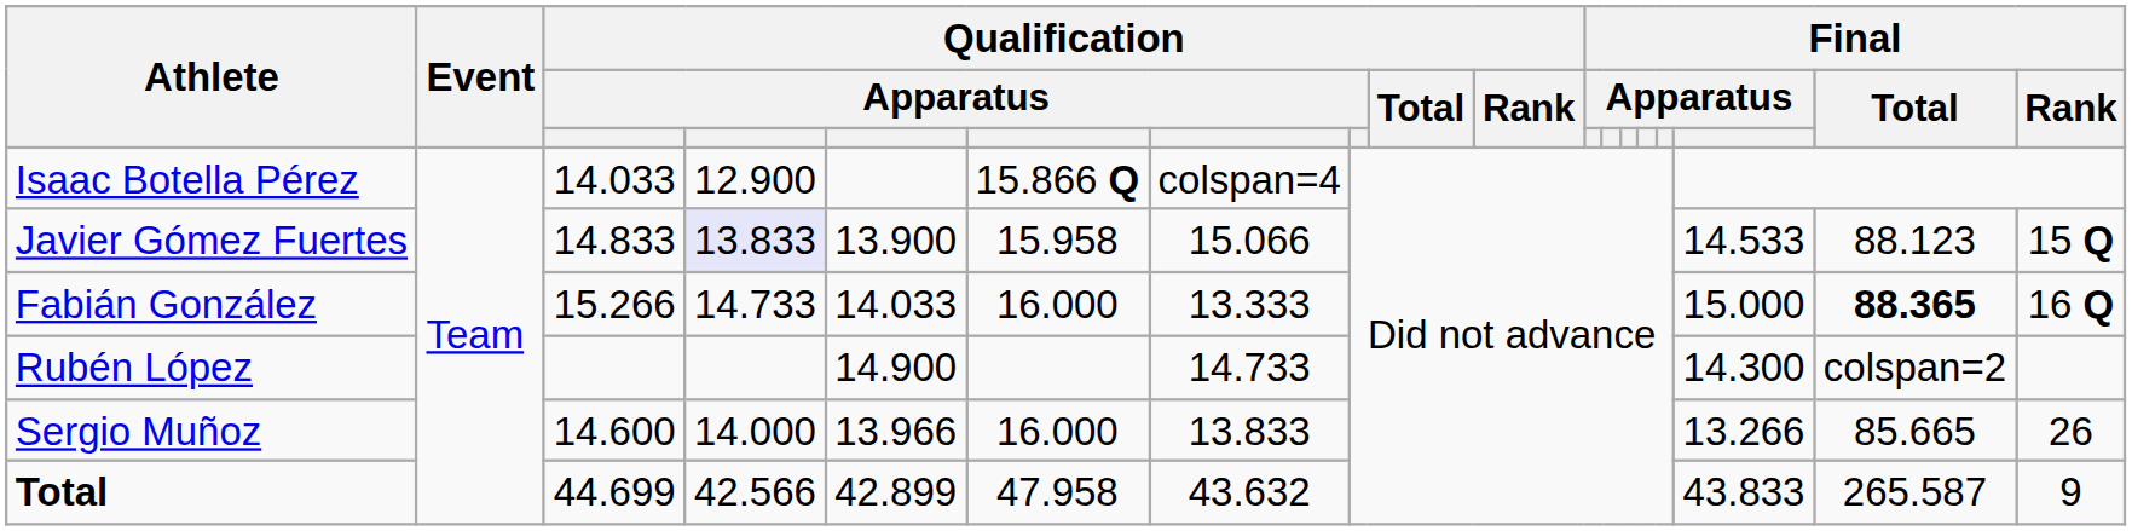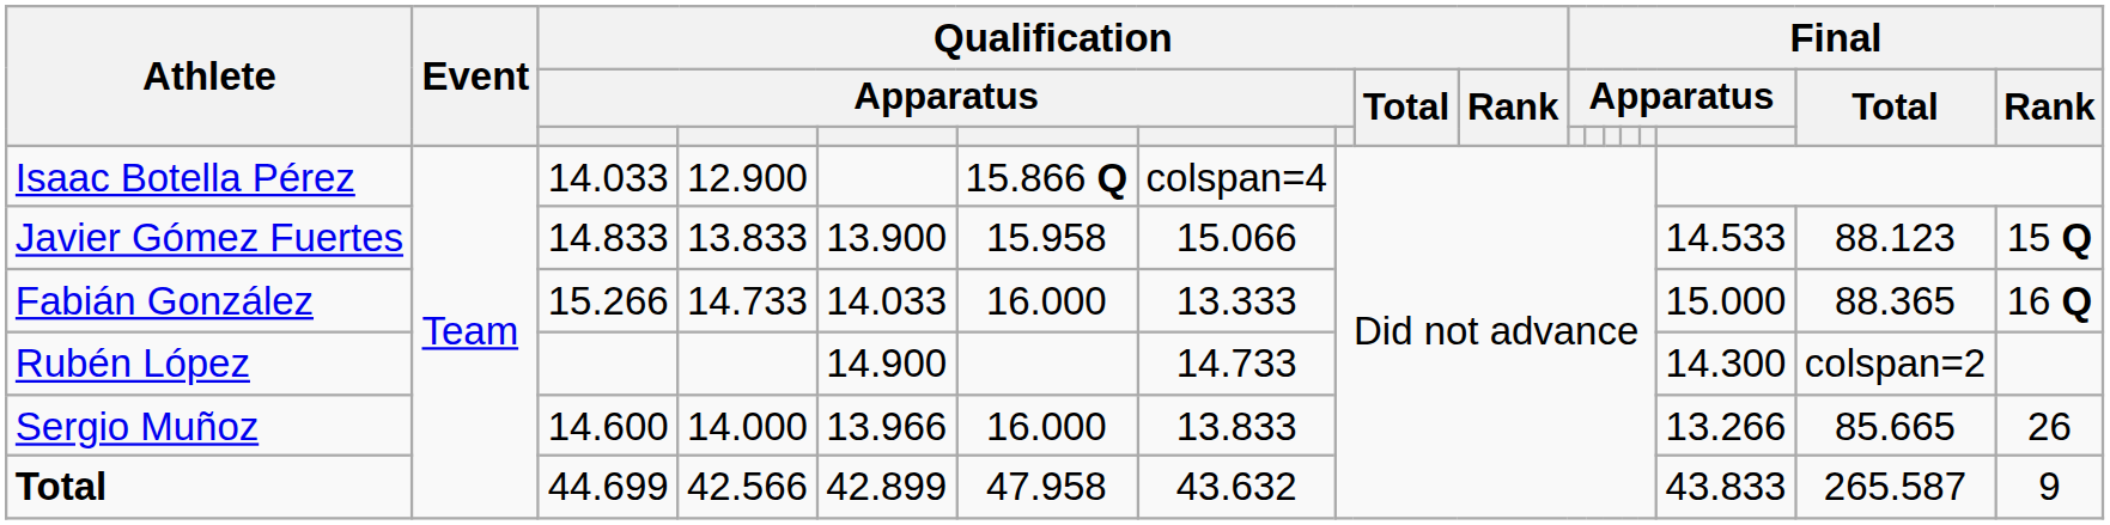 <table class="wikitable" style="font-size:90%">
 <tr>
 <th rowspan=3>Athlete</th>
 <th rowspan=3>Event</th>
 <th colspan =8>Qualification</th>
 <th colspan =8>Final</th>
 </tr>
 <tr style="font-size:95%">
 <th colspan=6>Apparatus</th>
 <th rowspan=2>Total</th>
 <th rowspan=2>Rank</th>
 <th colspan=6>Apparatus</th>
 <th rowspan=2>Total</th>
 <th rowspan=2>Rank</th>
 </tr>
 <tr style="font-size:95%">
 <th></th>
 <th></th>
 <th></th>
 <th></th>
 <th></th>
 <th></th>
 <th></th>
 <th></th>
 <th></th>
 <th></th>
 <th></th>
 <th></th>
 </tr>
 <tr align=center>
 <td align=left><a href='#'>Isaac Botella Pérez</a></td>
 <td align=left rowspan=6><a href='#'>Team</a></td>
 <td>14.033</td>
 <td>12.900</td>
 <td></td>
 <td>15.866 <strong>Q</strong></td>
 <td>colspan=4 </td>
 <td colspan=8 rowspan=6>Did not advance</td>
 </tr>
 <tr align=center>
 <td align=left><a href='#'>Javier Gómez Fuertes</a></td>
 <td>14.833</td>
-<td style="background: lavender;">13.833</td>
+<td>13.833</td>
 <td>13.900</td>
 <td>15.958</td>
 <td>15.066</td>
 <td>14.533</td>
 <td>88.123</td>
 <td>15 <strong>Q</strong></td>
 </tr>
 <tr align=center>
 <td align=left><a href='#'>Fabián González</a></td>
 <td>15.266</td>
 <td>14.733</td>
 <td>14.033</td>
 <td>16.000</td>
 <td>13.333</td>
 <td>15.000</td>
-<td><strong>88.365</strong></td>
+<td>88.365</td>
 <td>16 <strong>Q</strong></td>
 </tr>
 <tr align=center>
 <td align=left><a href='#'>Rubén López</a></td>
 <td></td>
 <td></td>
 <td>14.900</td>
 <td></td>
 <td>14.733</td>
 <td>14.300</td>
 <td>colspan=2 </td>
 </tr>
 <tr align=center>
 <td align=left><a href='#'>Sergio Muñoz</a></td>
 <td>14.600</td>
 <td>14.000</td>
 <td>13.966</td>
 <td>16.000</td>
 <td>13.833</td>
 <td>13.266</td>
 <td>85.665</td>
 <td>26</td>
 </tr>
 <tr align=center>
 <td align=left><strong>Total</strong></td>
 <td>44.699</td>
 <td>42.566</td>
 <td>42.899</td>
 <td>47.958</td>
 <td>43.632</td>
 <td>43.833</td>
 <td>265.587</td>
 <td>9</td>
 </tr>
 </table>
